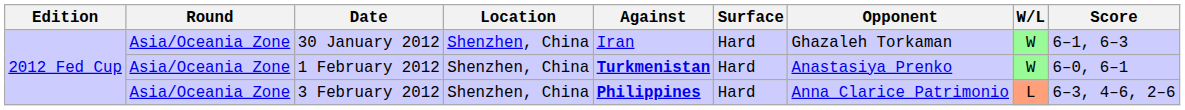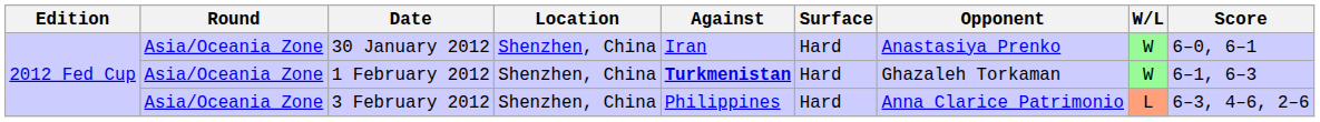 <table class=wikitable style=font-size:97%>
 <tr>
 <th>Edition</th>
 <th>Round</th>
 <th>Date</th>
 <th>Location</th>
 <th>Against</th>
 <th>Surface</th>
 <th>Opponent</th>
 <th>W/L</th>
 <th>Score</th>
 </tr>
 <tr style="background:#ccccff;">
 <td rowspan="3"><a href='#'>2012 Fed Cup</a></td>
 <td><a href='#'>Asia/Oceania Zone</a></td>
 <td>30 January 2012</td>
 <td><a href='#'>Shenzhen</a>, China</td>
 <td> <a href='#'>Iran</a></td>
 <td>Hard</td>
-<td> Ghazaleh Torkaman</td>
+<td> <a href='#'>Anastasiya Prenko</a></td>
 <td style="text-align:center; background:#98fb98;">W</td>
-<td>6–1, 6–3</td>
+<td>6–0, 6–1</td>
 </tr>
 <tr style="background:#ccccff;">
 <td><a href='#'>Asia/Oceania Zone</a></td>
 <td>1 February 2012</td>
 <td>Shenzhen, China</td>
 <td><strong> <a href='#'>Turkmenistan</a></strong></td>
 <td>Hard</td>
-<td> <a href='#'>Anastasiya Prenko</a></td>
+<td> Ghazaleh Torkaman</td>
 <td style="text-align:center; background:#98fb98;">W</td>
-<td>6–0, 6–1</td>
+<td>6–1, 6–3</td>
 </tr>
 <tr style="background:#ccccff;">
 <td><a href='#'>Asia/Oceania Zone</a></td>
 <td>3 February 2012</td>
 <td>Shenzhen, China</td>
-<td><strong> <a href='#'>Philippines</a></strong></td>
+<td> <a href='#'>Philippines</a></td>
 <td>Hard</td>
 <td> <a href='#'>Anna Clarice Patrimonio</a></td>
 <td style="text-align:center; background:#ffa07a;">L</td>
 <td>6–3, 4–6, 2–6</td>
 </tr>
 </table>
